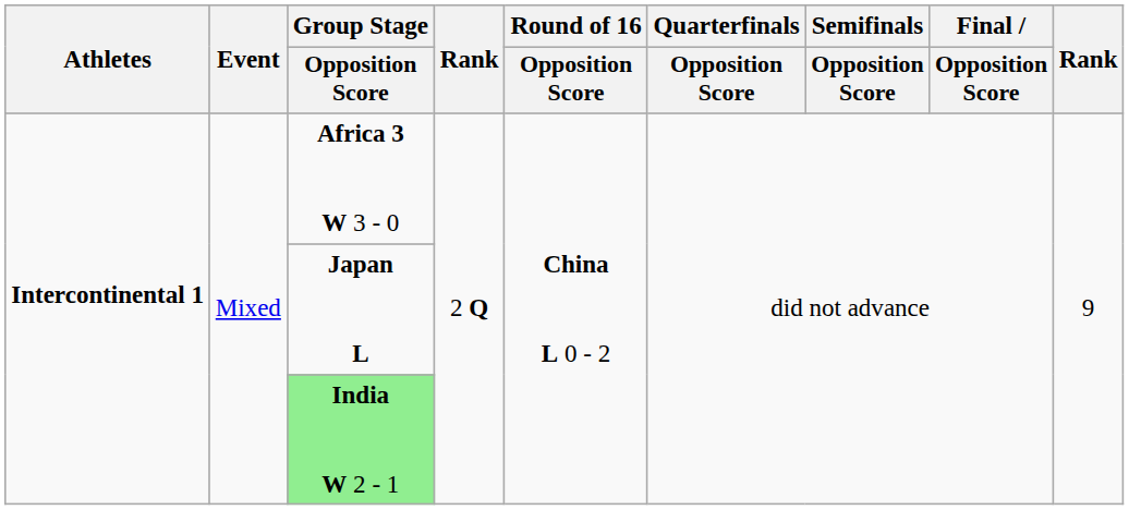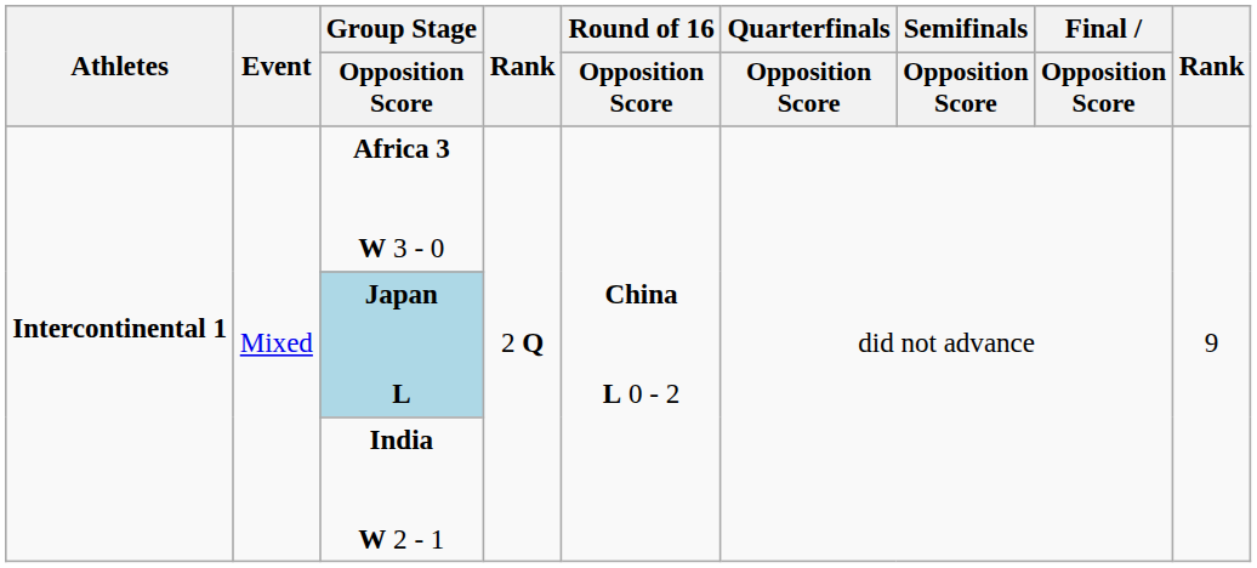 <table class=wikitable style="font-size:90%">
 <tr>
 <th rowspan="2">Athletes</th>
 <th rowspan="2">Event</th>
 <th>Group Stage</th>
 <th rowspan="2">Rank</th>
 <th>Round of 16</th>
 <th>Quarterfinals</th>
 <th>Semifinals</th>
 <th>Final / </th>
 <th rowspan=2>Rank</th>
 </tr>
 <tr style="font-size:95%">
 <th>Opposition<br>Score</th>
 <th>Opposition<br>Score</th>
 <th>Opposition<br>Score</th>
 <th>Opposition<br>Score</th>
 <th>Opposition<br>Score</th>
 </tr>
 <tr align=center>
 <td align=left rowspan=3><strong>Intercontinental 1</strong><br><br></td>
 <td align=left rowspan=3><a href='#'>Mixed</a></td>
 <td><strong>Africa 3</strong><br><br><br><strong>W</strong> 3 - 0</td>
 <td rowspan=3>2 <strong>Q</strong></td>
 <td rowspan=3><strong>China</strong><br><br><br><strong>L</strong> 0 - 2</td>
 <td rowspan=3 colspan=3>did not advance</td>
 <td rowspan=3>9</td>
 </tr>
 <tr align=center>
-<td><strong>Japan</strong><br><br><br><strong>L</strong></td>
+<td style="background: lightblue;"><strong>Japan</strong><br><br><br><strong>L</strong></td>
 </tr>
 <tr align=center>
-<td style="background: lightgreen;"><strong>India</strong><br><br><br><strong>W</strong> 2 - 1</td>
+<td><strong>India</strong><br><br><br><strong>W</strong> 2 - 1</td>
 </tr>
 </table>
